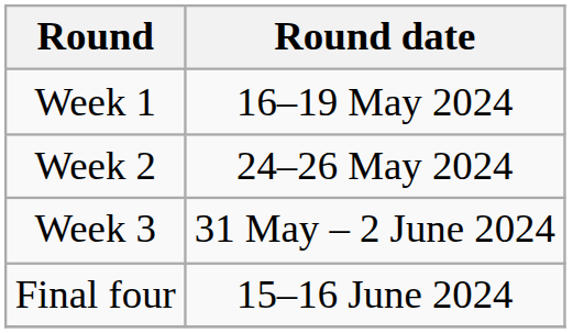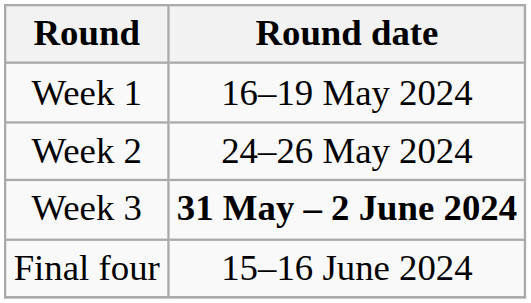 <table class="wikitable" style="text-align:center">
 <tr>
 <th>Round</th>
 <th>Round date</th>
 </tr>
 <tr>
 <td>Week 1</td>
 <td>16–19 May 2024</td>
 </tr>
 <tr>
 <td>Week 2</td>
 <td>24–26 May 2024</td>
 </tr>
 <tr>
 <td>Week 3</td>
-<td>31 May – 2 June 2024</td>
+<td><strong>31 May – 2 June 2024</strong></td>
 </tr>
 <tr>
 <td>Final four</td>
 <td>15–16 June 2024</td>
 </tr>
 <tr>
 </tr>
 </table>
